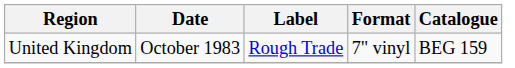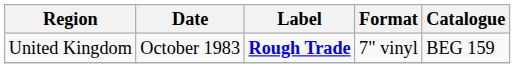 <table class="wikitable">
 <tr>
 <th>Region</th>
 <th>Date</th>
 <th>Label</th>
 <th>Format</th>
 <th>Catalogue</th>
 </tr>
 <tr>
 <td>United Kingdom</td>
 <td>October 1983</td>
-<td><a href='#'>Rough Trade</a></td>
+<td><strong><a href='#'>Rough Trade</a></strong></td>
 <td>7" vinyl</td>
 <td>BEG 159</td>
 </tr>
 <tr>
 </tr>
 </table>
